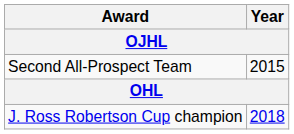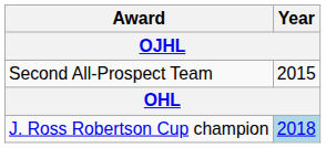 <table class="wikitable">
 <tr>
 <th>Award</th>
 <th>Year</th>
 </tr>
 <tr>
 <th colspan="3"><a href='#'>OJHL</a></th>
 </tr>
 <tr>
 <td>Second All-Prospect Team</td>
 <td>2015</td>
 </tr>
 <tr>
 <th colspan="3"><a href='#'>OHL</a></th>
 </tr>
 <tr>
 <td><a href='#'>J. Ross Robertson Cup</a> champion</td>
-<td><a href='#'>2018</a></td>
+<td style="background: lightblue;"><a href='#'>2018</a></td>
 </tr>
 </table>
